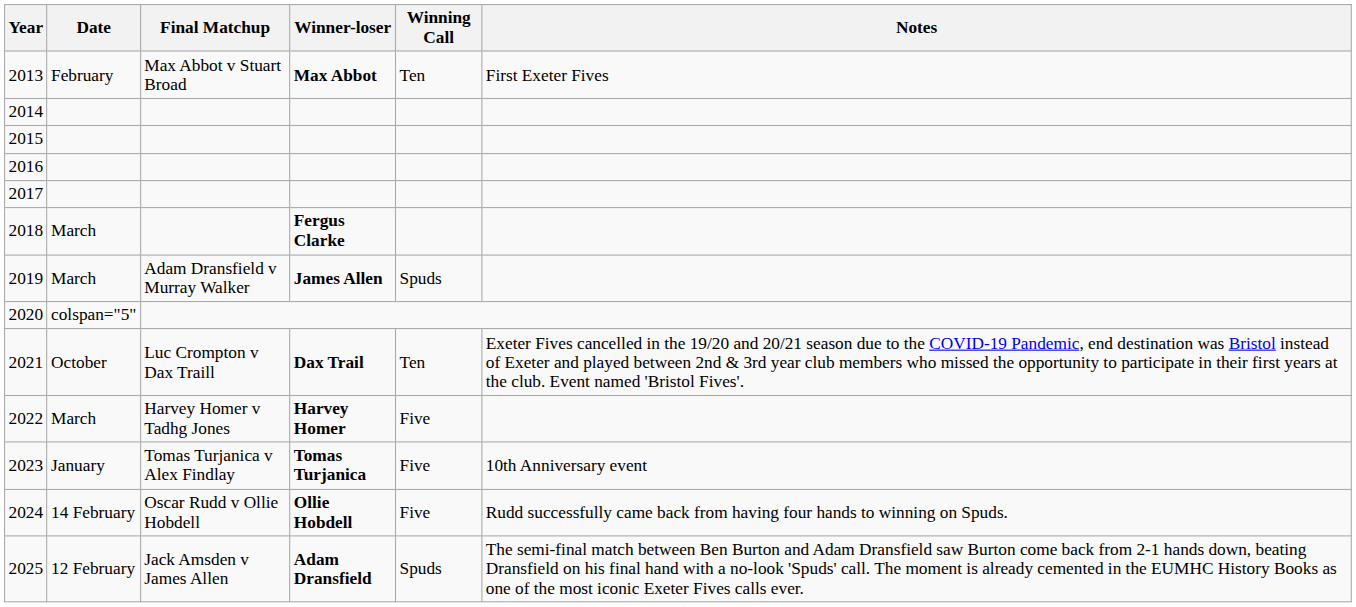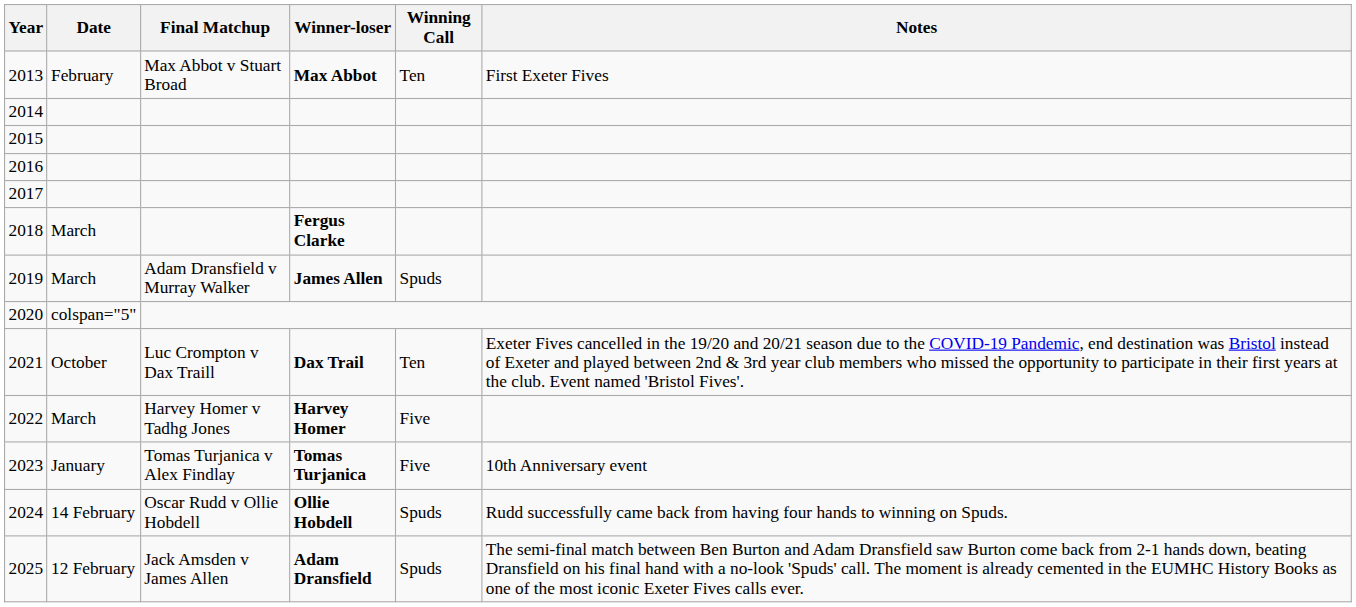 <table class="wikitable">
 <tr>
 <th>Year</th>
 <th>Date</th>
 <th>Final Matchup</th>
 <th>Winner-loser</th>
 <th>Winning Call</th>
 <th>Notes</th>
 </tr>
 <tr>
 <td>2013</td>
 <td>February</td>
 <td>Max Abbot v Stuart Broad</td>
 <td><strong>Max Abbot</strong></td>
 <td>Ten</td>
 <td>First Exeter Fives</td>
 </tr>
 <tr>
 <td>2014</td>
 <td></td>
 <td></td>
 <td></td>
 <td></td>
 <td></td>
 </tr>
 <tr>
 <td>2015</td>
 <td></td>
 <td></td>
 <td></td>
 <td></td>
 <td></td>
 </tr>
 <tr>
 <td>2016</td>
 <td></td>
 <td></td>
 <td></td>
 <td></td>
 <td></td>
 </tr>
 <tr>
 <td>2017</td>
 <td></td>
 <td></td>
 <td></td>
 <td></td>
 <td></td>
 </tr>
 <tr>
 <td>2018</td>
 <td>March</td>
 <td></td>
 <td><strong>Fergus Clarke</strong></td>
 <td></td>
 <td></td>
 </tr>
 <tr>
 <td>2019</td>
 <td>March</td>
 <td>Adam Dransfield v Murray Walker</td>
 <td><strong>James Allen</strong></td>
 <td>Spuds</td>
 <td></td>
 </tr>
 <tr>
 <td>2020</td>
 <td>colspan="5" </td>
 </tr>
 <tr>
 <td>2021</td>
 <td>October</td>
 <td>Luc Crompton v Dax Traill</td>
 <td><strong>Dax Trail</strong></td>
 <td>Ten</td>
 <td>Exeter Fives cancelled in the 19/20 and 20/21 season due to the <a href='#'>COVID-19 Pandemic</a>, end destination was <a href='#'>Bristol</a> instead of Exeter and played between 2nd & 3rd year club members who missed the opportunity to participate in their first years at the club. Event named 'Bristol Fives'.</td>
 </tr>
 <tr>
 <td>2022</td>
 <td>March</td>
 <td>Harvey Homer v Tadhg Jones</td>
 <td><strong>Harvey Homer</strong></td>
 <td>Five</td>
 <td></td>
 </tr>
 <tr>
 <td>2023</td>
 <td>January</td>
 <td>Tomas Turjanica v Alex Findlay</td>
 <td><strong>Tomas Turjanica</strong></td>
 <td>Five</td>
 <td>10th Anniversary event</td>
 </tr>
 <tr>
 <td>2024</td>
 <td>14 February</td>
 <td>Oscar Rudd v Ollie Hobdell</td>
 <td><strong>Ollie Hobdell</strong></td>
-<td>Five</td>
+<td>Spuds</td>
 <td>Rudd successfully came back from having four hands to winning on Spuds.</td>
 </tr>
 <tr>
 <td>2025</td>
 <td>12 February</td>
 <td>Jack Amsden v James Allen</td>
 <td><strong>Adam Dransfield</strong></td>
 <td>Spuds</td>
 <td>The semi-final match between Ben Burton and Adam Dransfield saw Burton come back from 2-1 hands down, beating Dransfield on his final hand with a no-look 'Spuds' call. The moment is already cemented in the EUMHC History Books as one of the most iconic Exeter Fives calls ever.</td>
 </tr>
 </table>
